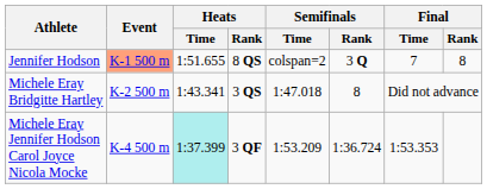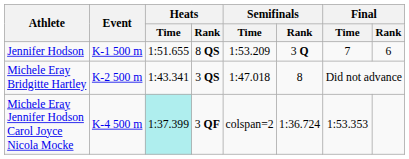 <table class=wikitable style="font-size:90%">
 <tr>
 <th rowspan="2">Athlete</th>
 <th rowspan="2">Event</th>
 <th colspan="2">Heats</th>
 <th colspan="2">Semifinals</th>
 <th colspan="2">Final</th>
 </tr>
 <tr style="font-size:95%">
 <th>Time</th>
 <th>Rank</th>
 <th>Time</th>
 <th>Rank</th>
 <th>Time</th>
 <th>Rank</th>
 </tr>
 <tr align=center>
 <td align=left><a href='#'>Jennifer Hodson</a></td>
-<td align=left style="background: lightsalmon;"><a href='#'>K-1 500 m</a></td>
+<td align=left><a href='#'>K-1 500 m</a></td>
 <td>1:51.655</td>
 <td>8 <strong>QS</strong></td>
-<td>colspan=2 </td>
+<td>1:53.209</td>
 <td>3 <strong>Q</strong></td>
 <td>7</td>
-<td>8</td>
+<td>6</td>
 </tr>
 <tr align=center>
 <td align=left><a href='#'>Michele Eray</a><br><a href='#'>Bridgitte Hartley</a></td>
 <td align=left><a href='#'>K-2 500 m</a></td>
 <td>1:43.341</td>
 <td>3 <strong>QS</strong></td>
 <td>1:47.018</td>
 <td>8</td>
 <td colspan=2>Did not advance</td>
 </tr>
 <tr align=center>
 <td align=left><a href='#'>Michele Eray</a><br><a href='#'>Jennifer Hodson</a><br><a href='#'>Carol Joyce</a><br><a href='#'>Nicola Mocke</a></td>
 <td align=left><a href='#'>K-4 500 m</a></td>
 <td style="background: paleturquoise;">1:37.399</td>
 <td>3 <strong>QF</strong></td>
-<td>1:53.209</td>
+<td>colspan=2 </td>
 <td>1:36.724</td>
 <td>1:53.353</td>
 </tr>
 </table>
